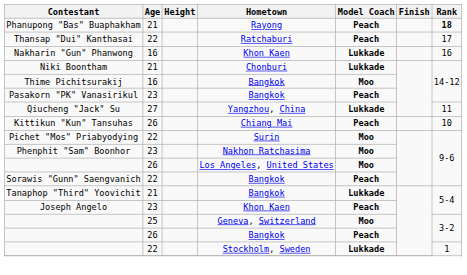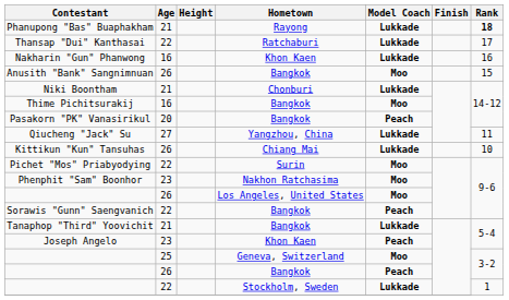 <table class="wikitable sortable" style="text-align:center;">
 <tr>
 <th>Contestant</th>
 <th>Age</th>
 <th>Height</th>
 <th>Hometown</th>
 <th>Model Coach</th>
 <th>Finish</th>
 <th>Rank</th>
 </tr>
 <tr>
 <td>Phanupong "Bas" Buaphakham</td>
 <td>21</td>
 <td></td>
 <td><a href='#'>Rayong</a></td>
-<td><strong><span>Peach</span></strong></td>
+<td><strong><span>Lukkade</span></strong></td>
 <td></td>
 <td><strong>18</strong></td>
 </tr>
 <tr>
 <td>Thansap "Dui" Kanthasai</td>
 <td>22</td>
 <td></td>
 <td><a href='#'>Ratchaburi</a></td>
-<td><strong><span>Peach</span></strong></td>
+<td><strong><span>Lukkade</span></strong></td>
 <td></td>
 <td>17</td>
 </tr>
 <tr>
 <td>Nakharin "Gun" Phanwong</td>
 <td>16</td>
 <td></td>
 <td><a href='#'>Khon Kaen</a></td>
 <td><strong><span>Lukkade</span></strong></td>
 <td></td>
 <td>16</td>
+</tr>
+<tr>
+<td>Anusith "Bank" Sangnimnuan</td>
+<td>26</td>
+<td></td>
+<td><a href='#'>Bangkok</a></td>
+<td><strong><span>Moo</span></strong></td>
+<td></td>
+<td>15</td>
 </tr>
 <tr>
 <td>Niki Boontham</td>
 <td>21</td>
 <td></td>
 <td><a href='#'>Chonburi</a></td>
 <td><strong><span>Lukkade</span></strong></td>
 <td rowspan="4"></td>
 <td rowspan="3">14-12</td>
 </tr>
 <tr>
 <td>Thime Pichitsurakij</td>
 <td>16</td>
 <td></td>
 <td><a href='#'>Bangkok</a></td>
 <td><strong><span>Moo</span></strong></td>
 </tr>
 <tr>
 <td>Pasakorn "PK" Vanasirikul</td>
-<td>23</td>
+<td>20</td>
 <td></td>
 <td><a href='#'>Bangkok</a></td>
 <td><strong><span>Peach</span></strong></td>
 </tr>
 <tr>
 <td>Qiucheng "Jack" Su</td>
 <td>27</td>
 <td></td>
 <td><a href='#'>Yangzhou</a>, <a href='#'>China</a></td>
 <td><strong><span>Lukkade</span></strong></td>
 <td>11</td>
 </tr>
 <tr>
 <td>Kittikun "Kun" Tansuhas</td>
 <td>26</td>
 <td></td>
 <td><a href='#'>Chiang Mai</a></td>
-<td><strong><span>Peach</span></strong></td>
+<td><strong><span>Lukkade</span></strong></td>
 <td></td>
 <td>10</td>
 </tr>
 <tr>
 <td>Pichet "Mos" Priabyodying</td>
 <td>22</td>
 <td></td>
 <td><a href='#'>Surin</a></td>
 <td><strong><span>Moo</span></strong></td>
 <td rowspan="4"></td>
 <td rowspan="4">9-6</td>
 </tr>
 <tr>
 <td>Phenphit "Sam" Boonhor</td>
 <td>23</td>
 <td></td>
 <td><a href='#'>Nakhon Ratchasima</a></td>
 <td><strong><span>Moo</span></strong></td>
 </tr>
 <tr>
 <td></td>
 <td>26</td>
 <td></td>
 <td><a href='#'>Los Angeles</a>, <a href='#'>United States</a></td>
 <td><strong><span>Moo</span></strong></td>
 </tr>
 <tr>
 <td>Sorawis "Gunn" Saengvanich</td>
 <td>22</td>
 <td></td>
 <td><a href='#'>Bangkok</a></td>
 <td><strong><span>Peach</span></strong></td>
 </tr>
 <tr>
 <td>Tanaphop "Third" Yoovichit</td>
 <td>21</td>
 <td></td>
 <td><a href='#'>Bangkok</a></td>
 <td><strong><span>Lukkade</span></strong></td>
 <td rowspan="5"></td>
 <td rowspan="2">5-4</td>
 </tr>
 <tr>
 <td>Joseph Angelo</td>
 <td>23</td>
 <td></td>
 <td><a href='#'>Khon Kaen</a></td>
 <td><strong><span>Peach</span></strong></td>
 </tr>
 <tr>
 <td></td>
 <td>25</td>
 <td></td>
 <td><a href='#'>Geneva</a>, <a href='#'>Switzerland</a></td>
 <td><strong><span>Moo</span></strong></td>
 <td rowspan="2">3-2</td>
 </tr>
 <tr>
 <td></td>
 <td>26</td>
 <td></td>
 <td><a href='#'>Bangkok</a></td>
 <td><strong><span>Peach</span></strong></td>
 </tr>
 <tr>
 <td></td>
 <td>22</td>
 <td></td>
 <td><a href='#'>Stockholm</a>, <a href='#'>Sweden</a></td>
 <td><strong><span>Lukkade</span></strong></td>
 <td rowspan="2">1</td>
 </tr>
 <tr>
 </tr>
 </table>
